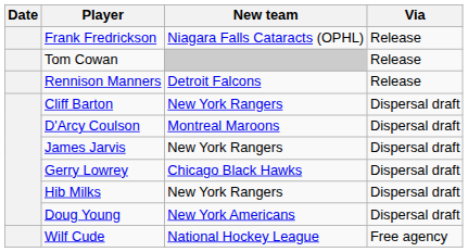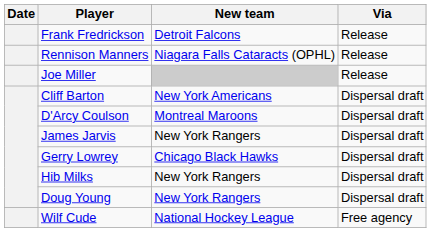 <table class="wikitable plainrowheaders">
 <tr style="background:#ddd; text-align:center;">
 <th>Date</th>
 <th>Player</th>
 <th>New team</th>
 <th>Via</th>
 </tr>
 <tr>
 <th scope="row"></th>
 <td><a href='#'>Frank Fredrickson</a></td>
+<td><a href='#'>Detroit Falcons</a></td>
+<td>Release</td>
+</tr>
+<tr>
+<th scope="row"></th>
+<td><a href='#'>Rennison Manners</a></td>
 <td><a href='#'>Niagara Falls Cataracts</a> (OPHL)</td>
 <td>Release</td>
 </tr>
 <tr>
 <th scope="row"></th>
-<td>Tom Cowan</td>
+<td><a href='#'>Joe Miller</a></td>
 <td style="background:#ccc"></td>
-<td>Release</td>
-</tr>
-<tr>
-<th scope="row"></th>
-<td><a href='#'>Rennison Manners</a></td>
-<td><a href='#'>Detroit Falcons</a></td>
 <td>Release</td>
 </tr>
 <tr>
 <th scope="row" rowspan=6></th>
 <td><a href='#'>Cliff Barton</a></td>
-<td><a href='#'>New York Rangers</a></td>
+<td><a href='#'>New York Americans</a></td>
 <td>Dispersal draft</td>
 </tr>
 <tr>
 <td><a href='#'>D'Arcy Coulson</a></td>
 <td><a href='#'>Montreal Maroons</a></td>
 <td>Dispersal draft</td>
 </tr>
 <tr>
 <td><a href='#'>James Jarvis</a></td>
 <td>New York Rangers</td>
 <td>Dispersal draft</td>
 </tr>
 <tr>
 <td><a href='#'>Gerry Lowrey</a></td>
 <td><a href='#'>Chicago Black Hawks</a></td>
 <td>Dispersal draft</td>
 </tr>
 <tr>
 <td><a href='#'>Hib Milks</a></td>
 <td>New York Rangers</td>
 <td>Dispersal draft</td>
 </tr>
 <tr>
 <td><a href='#'>Doug Young</a></td>
-<td><a href='#'>New York Americans</a></td>
+<td><a href='#'>New York Rangers</a></td>
 <td>Dispersal draft</td>
 </tr>
 <tr>
 <th scope="row"></th>
 <td><a href='#'>Wilf Cude</a></td>
 <td><a href='#'>National Hockey League</a></td>
 <td>Free agency</td>
 </tr>
 </table>
